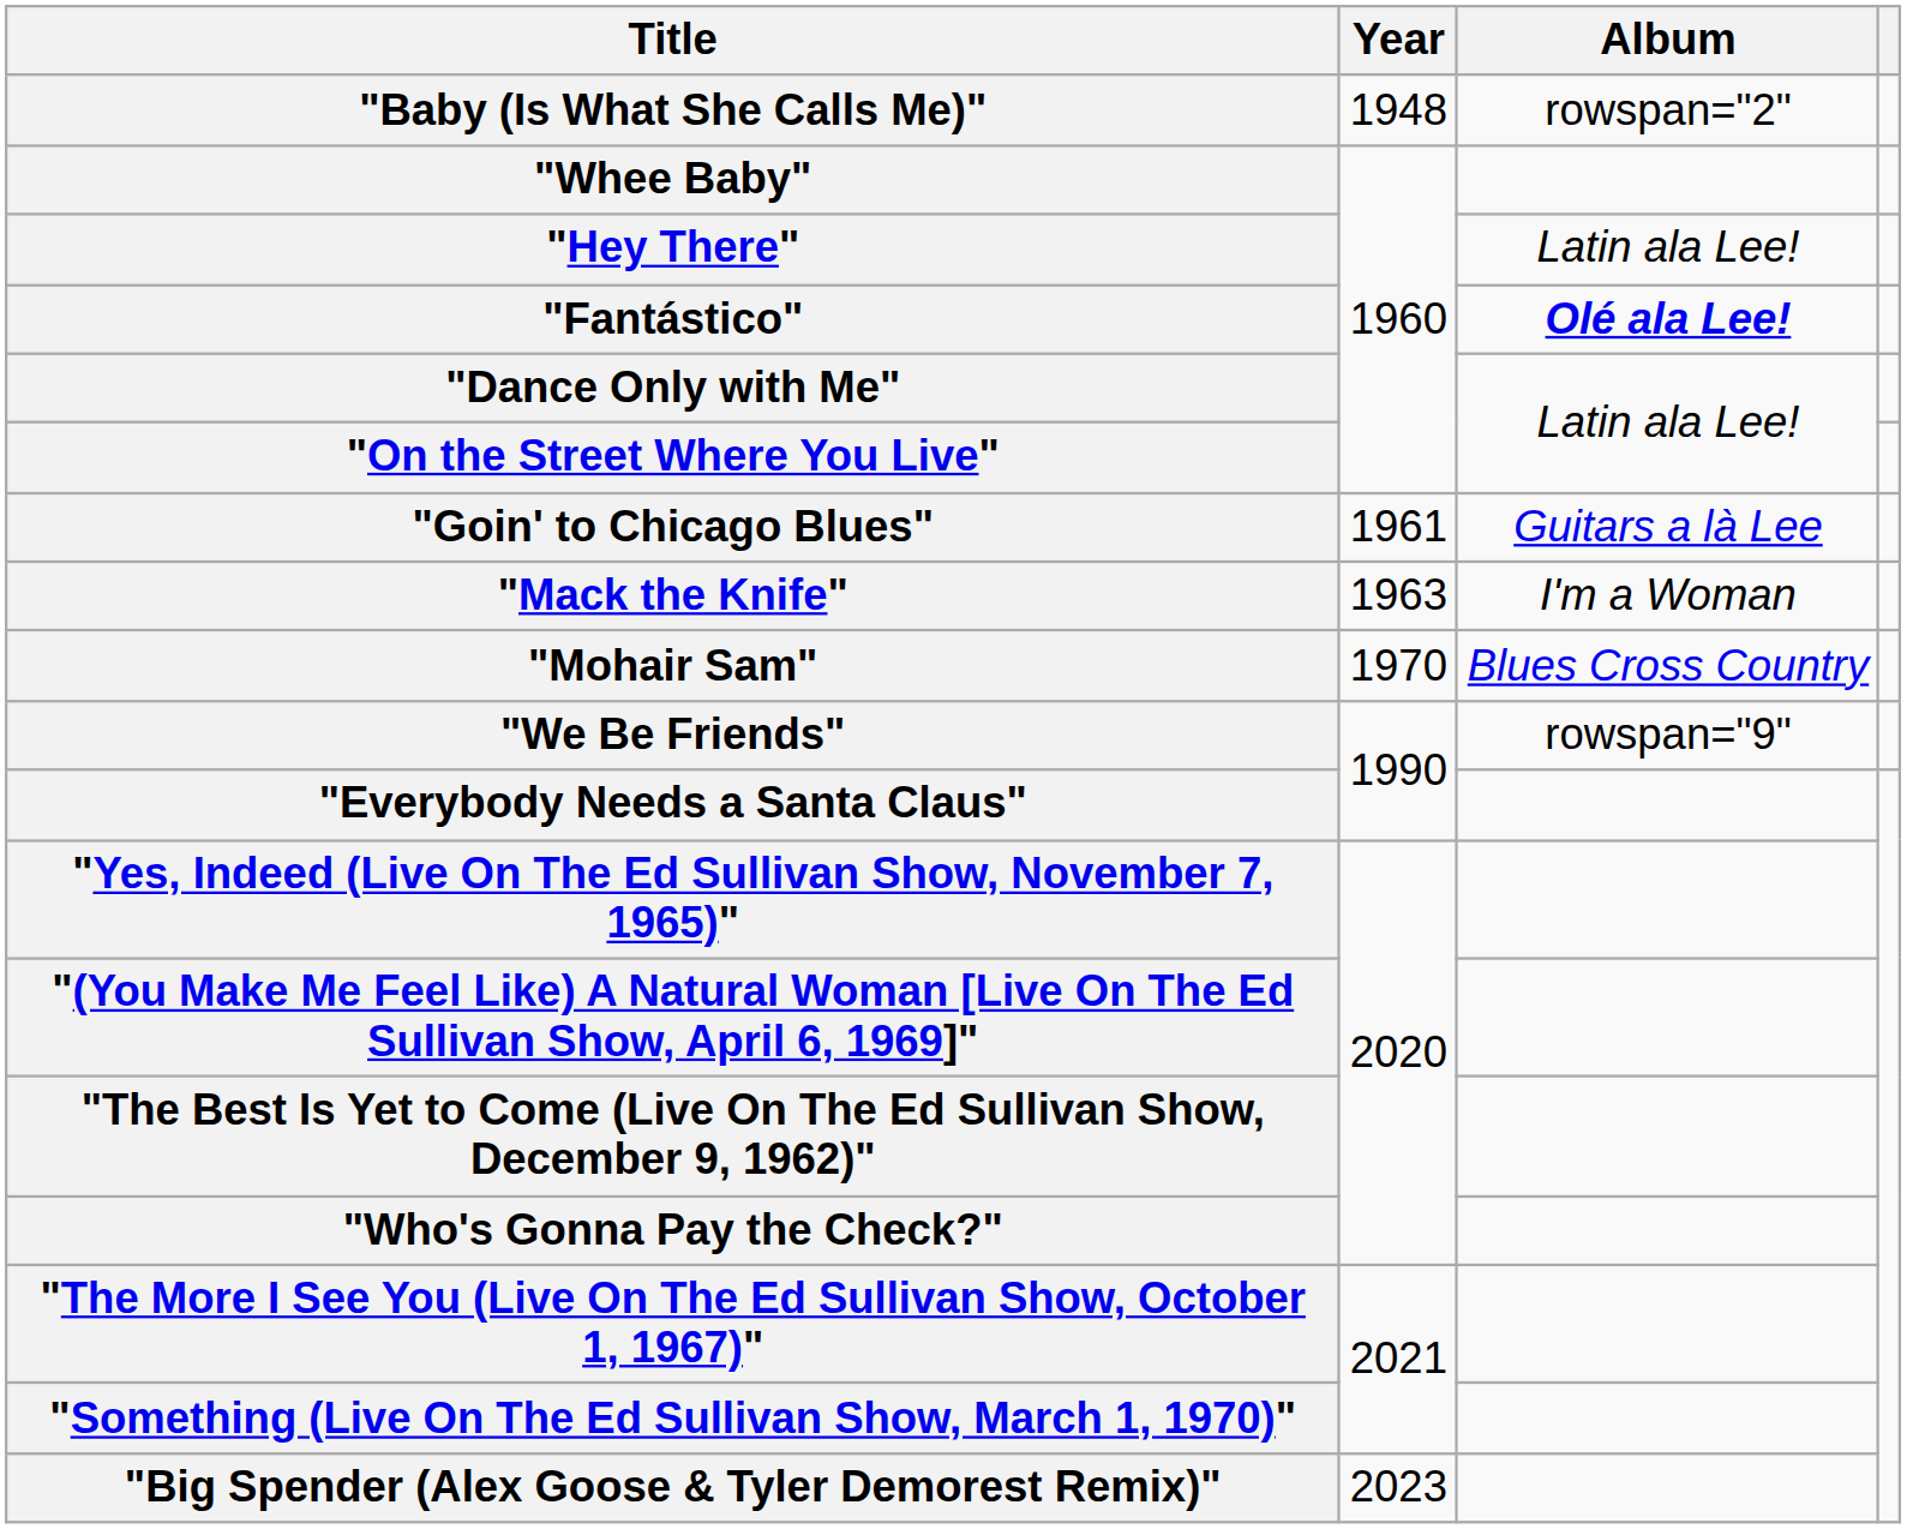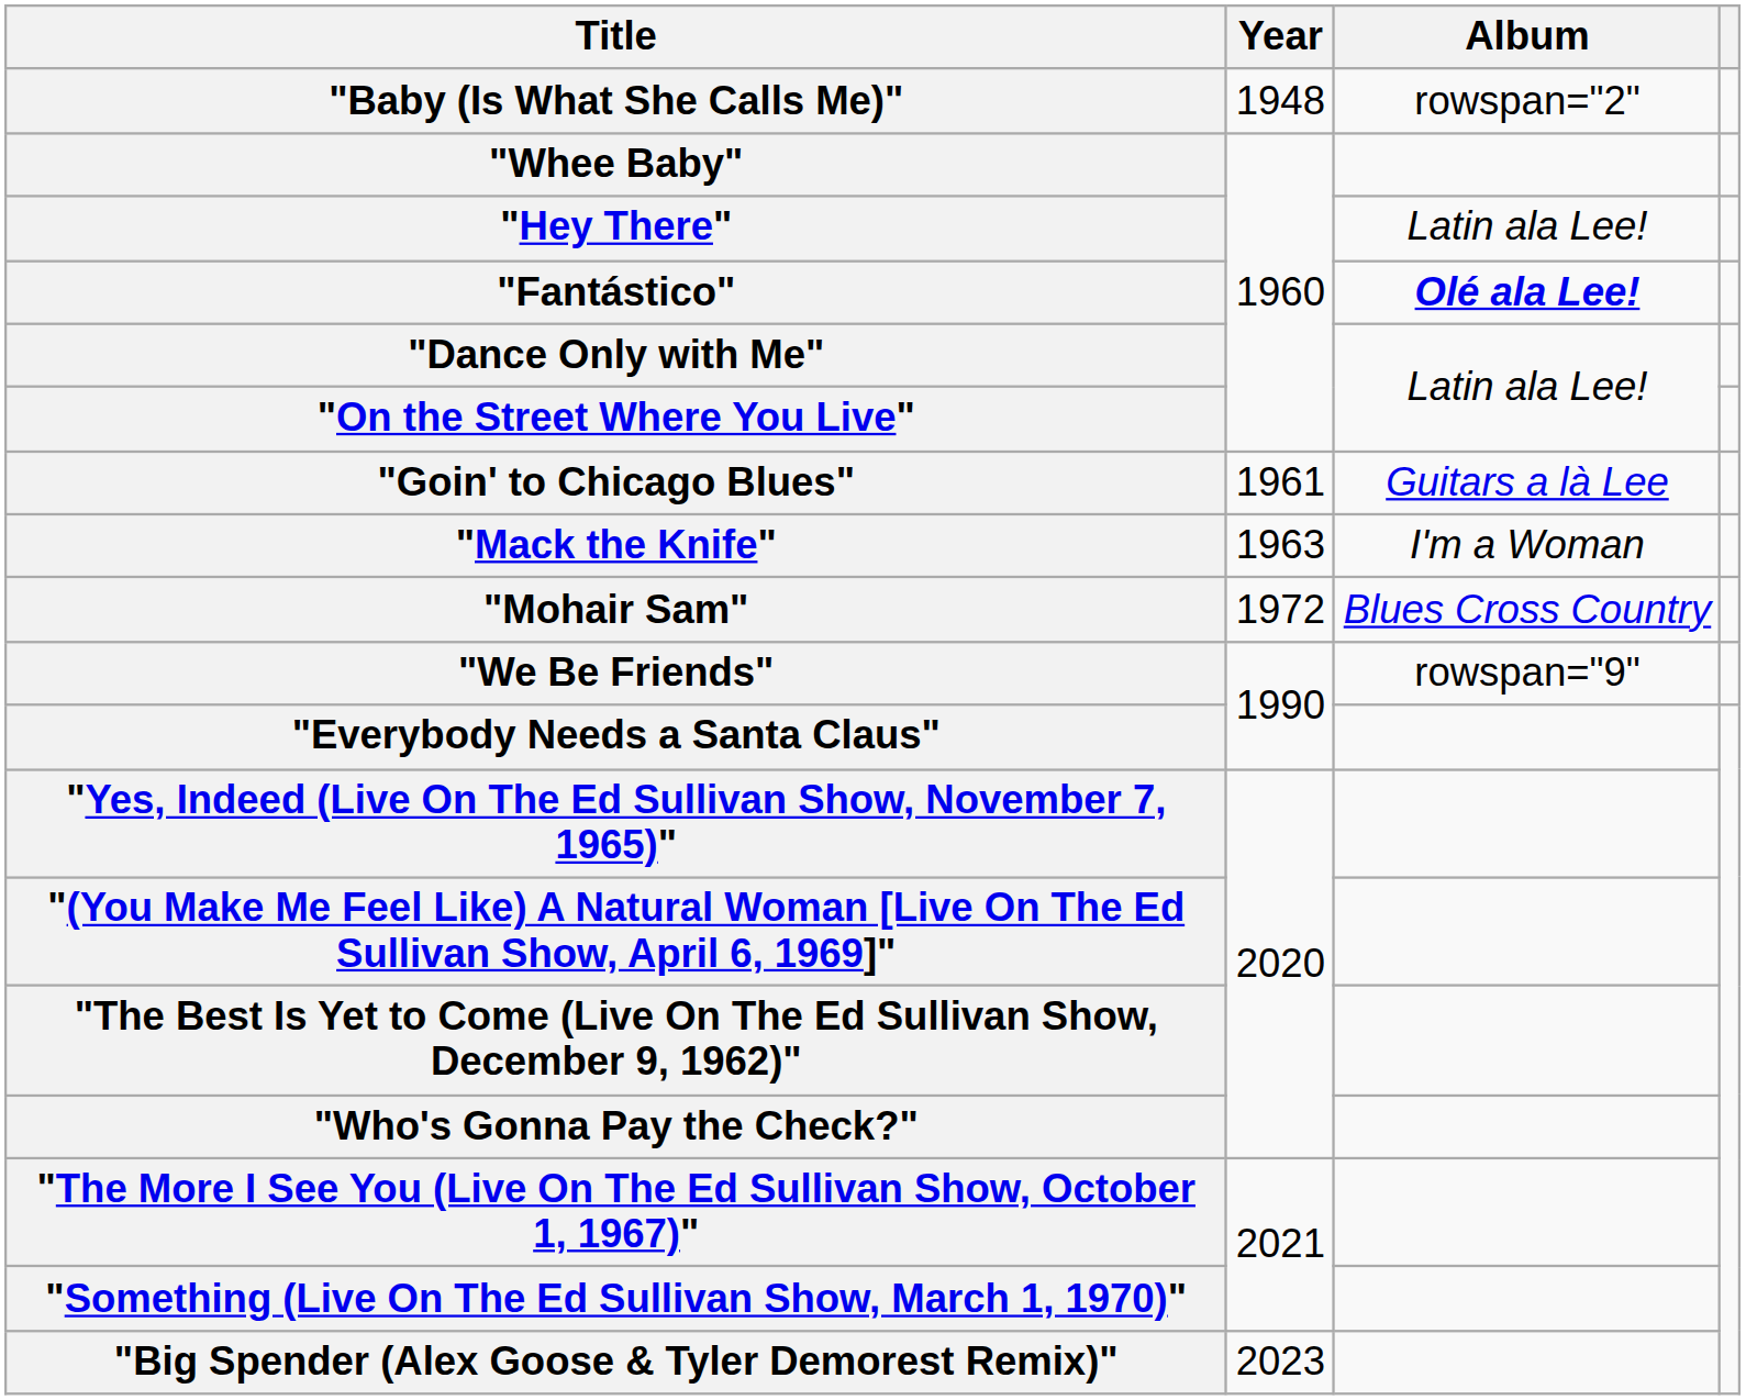 <table class="wikitable plainrowheaders" style="text-align:center;">
 <tr>
 <th style="width:30em;">Title</th>
 <th>Year</th>
 <th>Album</th>
 <th></th>
 </tr>
 <tr>
 <th scope="row">"Baby (Is What She Calls Me)"</th>
 <td>1948</td>
 <td>rowspan="2" </td>
 <td align="center"></td>
 </tr>
 <tr>
 <th scope="row">"Whee Baby"</th>
 <td rowspan="5">1960</td>
 <td align="center"></td>
 </tr>
 <tr>
 <th scope="row">"<a href='#'>Hey There</a>"</th>
 <td><em>Latin ala Lee!</em></td>
 <td align="center"></td>
 </tr>
 <tr>
 <th scope="row">"Fantástico"</th>
 <td><strong><em><a href='#'>Olé ala Lee!</a></em></strong></td>
 <td align="center"></td>
 </tr>
 <tr>
 <th scope="row">"Dance Only with Me"</th>
 <td rowspan="2"><em>Latin ala Lee!</em></td>
 <td align="center"></td>
 </tr>
 <tr>
 <th scope="row">"<a href='#'>On the Street Where You Live</a>"</th>
 <td align="center"></td>
 </tr>
 <tr>
 <th scope="row">"Goin' to Chicago Blues"</th>
 <td>1961</td>
 <td><em><a href='#'>Guitars a là Lee</a></em></td>
 <td align="center"></td>
 </tr>
 <tr>
 <th scope="row">"<a href='#'>Mack the Knife</a>"</th>
 <td>1963</td>
 <td><em>I'm a Woman</em></td>
 <td align="center"></td>
 </tr>
 <tr>
 <th scope="row">"Mohair Sam"</th>
-<td>1970</td>
+<td>1972</td>
 <td><em><a href='#'>Blues Cross Country</a></em></td>
 <td align="center"></td>
 </tr>
 <tr>
 <th scope="row">"We Be Friends"<br></th>
 <td rowspan="2">1990</td>
 <td>rowspan="9" </td>
 <td align="center"></td>
 </tr>
 <tr>
 <th scope="row">"Everybody Needs a Santa Claus"<br></th>
 <td align="center"></td>
 </tr>
 <tr>
 <th scope="row">"<a href='#'>Yes, Indeed (Live On The Ed Sullivan Show, November 7, 1965)</a>"<br></th>
 <td rowspan="4">2020</td>
 <td align="center"></td>
 </tr>
 <tr>
 <th scope="row">"<a href='#'>(You Make Me Feel Like) A Natural Woman [Live On The Ed Sullivan Show, April 6, 1969</a>]"</th>
 <td align="center"></td>
 </tr>
 <tr>
 <th scope="row">"The Best Is Yet to Come (Live On The Ed Sullivan Show, December 9, 1962)"</th>
 <td align="center"></td>
 </tr>
 <tr>
 <th scope="row">"Who's Gonna Pay the Check?"</th>
 <td align="center"></td>
 </tr>
 <tr>
 <th scope="row">"<a href='#'>The More I See You (Live On The Ed Sullivan Show, October 1, 1967)</a>"</th>
 <td rowspan="2">2021</td>
 <td align="center"></td>
 </tr>
 <tr>
 <th scope="row">"<a href='#'>Something (Live On The Ed Sullivan Show, March 1, 1970)</a>"</th>
 <td align="center"></td>
 </tr>
 <tr>
 <th scope="row">"Big Spender (Alex Goose & Tyler Demorest Remix)"</th>
 <td>2023</td>
 <td align="center"></td>
 </tr>
 </table>
